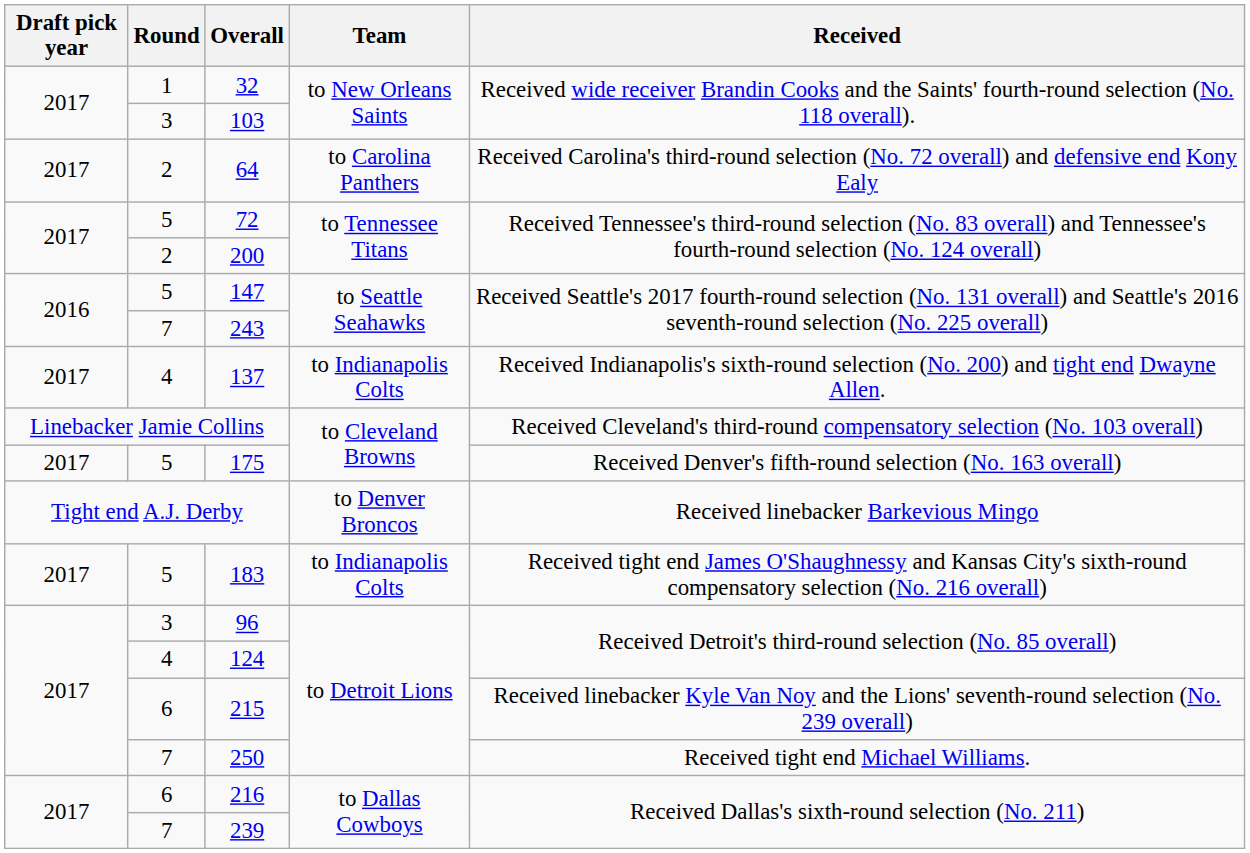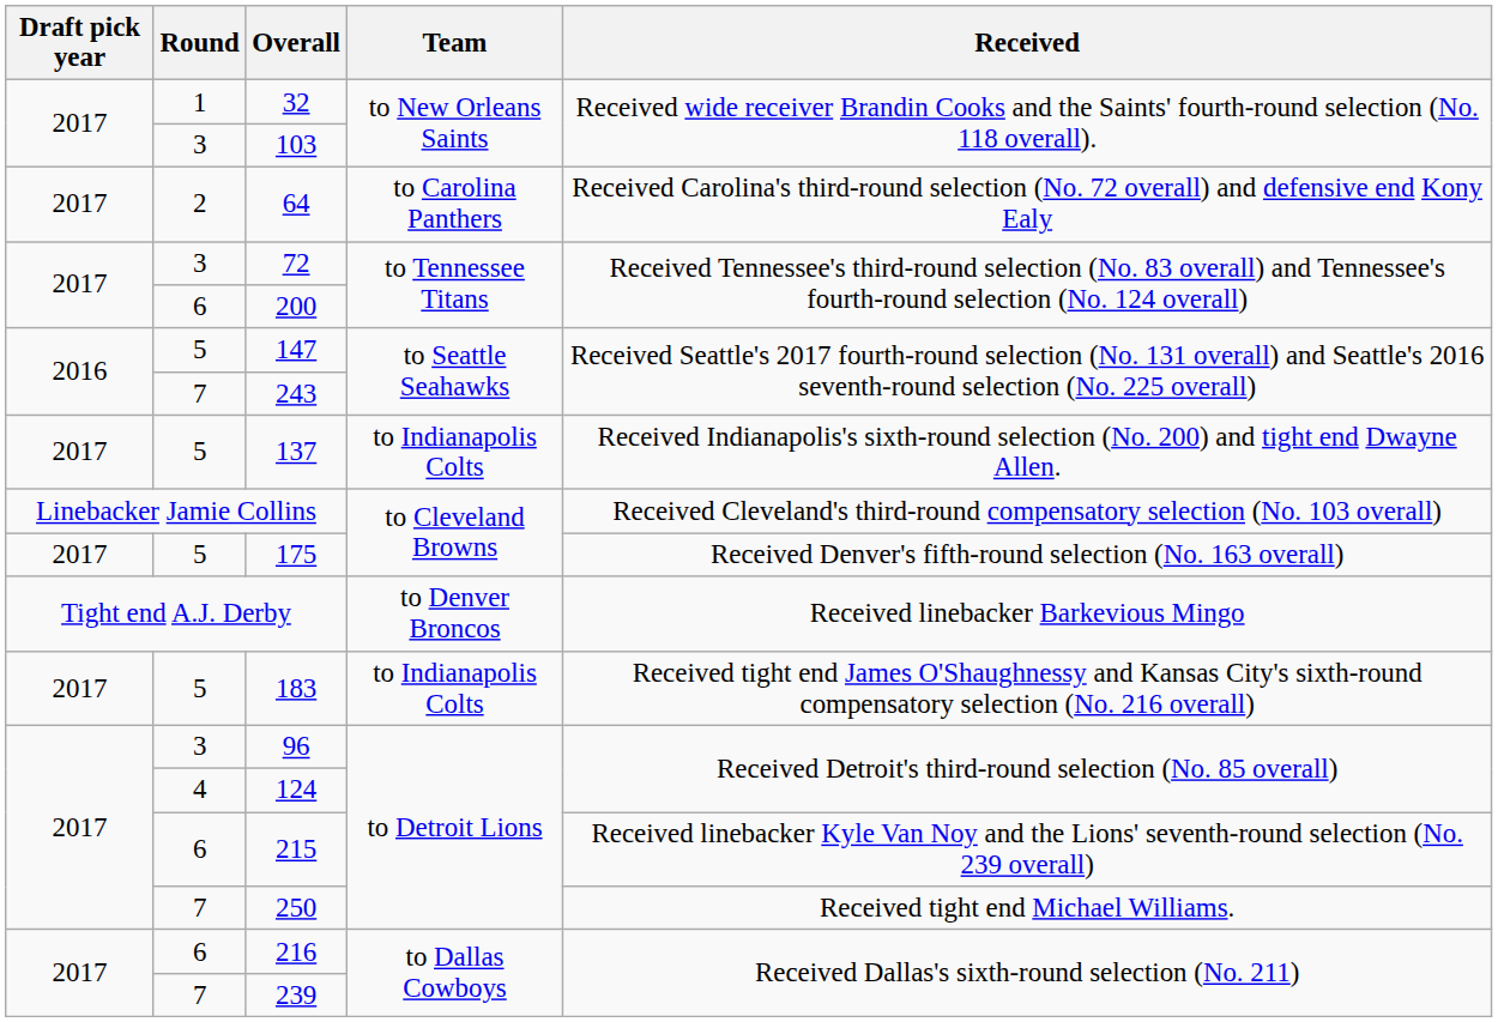 <table class="wikitable" style="text-align: center">
 <tr>
 <th>Draft pick year</th>
 <th>Round</th>
 <th>Overall</th>
 <th>Team</th>
 <th>Received</th>
 </tr>
 <tr>
 <td rowspan="2">2017</td>
 <td>1</td>
 <td><a href='#'>32</a></td>
 <td rowspan="2">to <a href='#'>New Orleans Saints</a></td>
 <td rowspan="2">Received <a href='#'>wide receiver</a> <a href='#'>Brandin Cooks</a> and the Saints' fourth-round selection (<a href='#'>No. 118 overall</a>).</td>
 </tr>
 <tr>
 <td>3</td>
 <td><a href='#'>103</a></td>
 </tr>
 <tr>
 <td>2017</td>
 <td>2</td>
 <td><a href='#'>64</a></td>
 <td>to <a href='#'>Carolina Panthers</a></td>
 <td>Received Carolina's third-round selection (<a href='#'>No. 72 overall</a>) and <a href='#'>defensive end</a> <a href='#'>Kony Ealy</a></td>
 </tr>
 <tr>
 <td rowspan="2">2017</td>
-<td>5</td>
+<td>3</td>
 <td><a href='#'>72</a></td>
 <td rowspan="2">to <a href='#'>Tennessee Titans</a></td>
 <td rowspan="2">Received Tennessee's third-round selection (<a href='#'>No. 83 overall</a>) and Tennessee's fourth-round selection (<a href='#'>No. 124 overall</a>)</td>
 </tr>
 <tr>
-<td>2</td>
+<td>6</td>
 <td><a href='#'>200</a></td>
 </tr>
 <tr>
 <td rowspan="2">2016</td>
 <td>5</td>
 <td><a href='#'>147</a></td>
 <td rowspan="2">to <a href='#'>Seattle Seahawks</a></td>
 <td rowspan="2">Received Seattle's 2017 fourth-round selection (<a href='#'>No. 131 overall</a>) and Seattle's 2016 seventh-round selection (<a href='#'>No. 225 overall</a>)</td>
 </tr>
 <tr>
 <td>7</td>
 <td><a href='#'>243</a></td>
 </tr>
 <tr>
 <td>2017</td>
-<td>4</td>
+<td>5</td>
 <td><a href='#'>137</a></td>
 <td>to <a href='#'>Indianapolis Colts</a></td>
 <td>Received Indianapolis's sixth-round selection (<a href='#'>No. 200</a>) and <a href='#'>tight end</a> <a href='#'>Dwayne Allen</a>.</td>
 </tr>
 <tr>
 <td colspan="3"><a href='#'>Linebacker</a> <a href='#'>Jamie Collins</a></td>
 <td rowspan ="2">to <a href='#'>Cleveland Browns</a></td>
 <td>Received Cleveland's third-round <a href='#'>compensatory selection</a> (<a href='#'>No. 103 overall</a>)</td>
 </tr>
 <tr>
 <td>2017</td>
 <td>5</td>
 <td><a href='#'>175</a></td>
 <td>Received Denver's fifth-round selection (<a href='#'>No. 163 overall</a>)</td>
 </tr>
 <tr>
 <td colspan="3"><a href='#'>Tight end</a> <a href='#'>A.J. Derby</a></td>
 <td>to <a href='#'>Denver Broncos</a></td>
 <td>Received linebacker <a href='#'>Barkevious Mingo</a></td>
 </tr>
 <tr>
 <td>2017</td>
 <td>5</td>
 <td><a href='#'>183</a></td>
 <td>to <a href='#'>Indianapolis Colts</a></td>
 <td>Received tight end <a href='#'>James O'Shaughnessy</a> and Kansas City's sixth-round compensatory selection (<a href='#'>No. 216 overall</a>)</td>
 </tr>
 <tr>
 <td rowspan="4">2017</td>
 <td>3</td>
 <td><a href='#'>96</a></td>
 <td rowspan="4">to <a href='#'>Detroit Lions</a></td>
 <td rowspan="2">Received Detroit's third-round selection (<a href='#'>No. 85 overall</a>)</td>
 </tr>
 <tr>
 <td>4</td>
 <td><a href='#'>124</a></td>
 </tr>
 <tr>
 <td>6</td>
 <td><a href='#'>215</a></td>
 <td>Received linebacker <a href='#'>Kyle Van Noy</a> and the Lions' seventh-round selection (<a href='#'>No. 239 overall</a>)</td>
 </tr>
 <tr>
 <td>7</td>
 <td><a href='#'>250</a></td>
 <td>Received tight end <a href='#'>Michael Williams</a>.</td>
 </tr>
 <tr>
 <td rowspan="2">2017</td>
 <td>6</td>
 <td><a href='#'>216</a></td>
 <td rowspan="2">to <a href='#'>Dallas Cowboys</a></td>
 <td rowspan="2">Received Dallas's sixth-round selection (<a href='#'>No. 211</a>)</td>
 </tr>
 <tr>
 <td>7</td>
 <td><a href='#'>239</a></td>
 </tr>
 </table>
